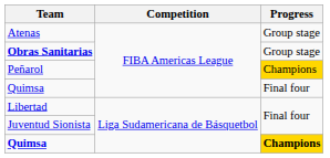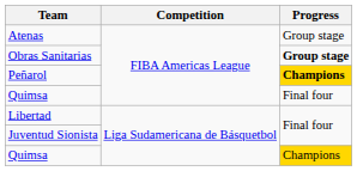 <table class="wikitable">
 <tr>
 <th>Team</th>
 <th>Competition</th>
 <th>Progress</th>
 </tr>
 <tr>
 <td><a href='#'>Atenas</a></td>
 <td rowspan=4 align=center><a href='#'>FIBA Americas League</a></td>
 <td>Group stage</td>
 </tr>
 <tr>
-<td><strong><a href='#'>Obras Sanitarias</a></strong></td>
-<td>Group stage</td>
+<td><a href='#'>Obras Sanitarias</a></td>
+<td><strong>Group stage</strong></td>
 </tr>
 <tr>
 <td><a href='#'>Peñarol</a></td>
-<td bgcolor=gold>Champions</td>
+<td bgcolor=gold><strong>Champions</strong></td>
 </tr>
 <tr>
 <td><a href='#'>Quimsa</a></td>
 <td>Final four</td>
 </tr>
 <tr>
 <td><a href='#'>Libertad</a></td>
 <td rowspan=3 align=center><a href='#'>Liga Sudamericana de Básquetbol</a></td>
 <td rowspan=2>Final four</td>
 </tr>
 <tr>
 <td><a href='#'>Juventud Sionista</a></td>
 </tr>
 <tr>
-<td><strong><a href='#'>Quimsa</a></strong></td>
-<td bgcolor=gold><strong>Champions</strong></td>
+<td><a href='#'>Quimsa</a></td>
+<td bgcolor=gold>Champions</td>
 </tr>
 </table>
